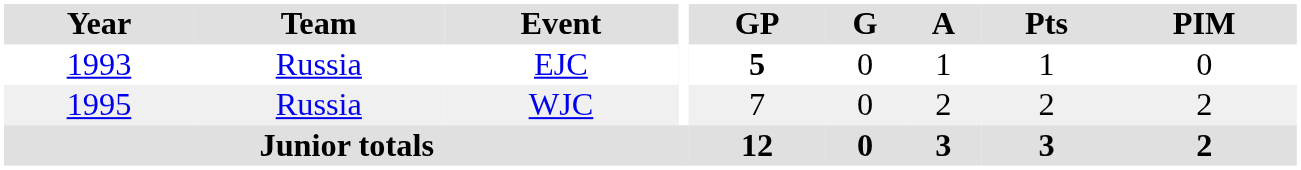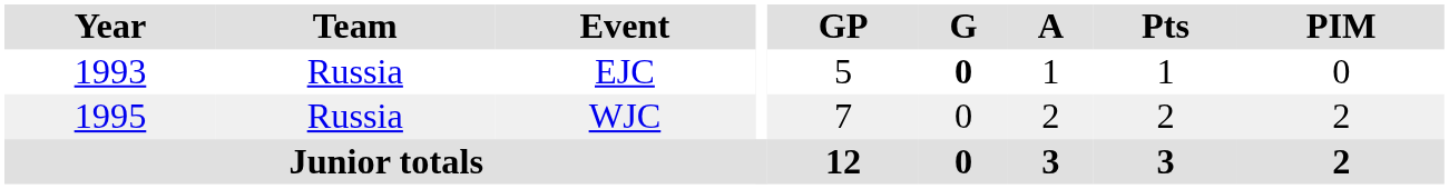 <table border="0" cellpadding="1" cellspacing="0" ID="Table3" style="text-align:center; width:40em">
 <tr bgcolor="#e0e0e0">
 <th>Year</th>
 <th>Team</th>
 <th>Event</th>
 <th rowspan="102" bgcolor="#ffffff"></th>
 <th>GP</th>
 <th>G</th>
 <th>A</th>
 <th>Pts</th>
 <th>PIM</th>
 </tr>
 <tr>
 <td><a href='#'>1993</a></td>
 <td><a href='#'>Russia</a></td>
 <td><a href='#'>EJC</a></td>
-<td><strong>5</strong></td>
-<td>0</td>
+<td>5</td>
+<td><strong>0</strong></td>
 <td>1</td>
 <td>1</td>
 <td>0</td>
 </tr>
 <tr bgcolor="f0f0f0">
 <td><a href='#'>1995</a></td>
 <td><a href='#'>Russia</a></td>
 <td><a href='#'>WJC</a></td>
 <td>7</td>
 <td>0</td>
 <td>2</td>
 <td>2</td>
 <td>2</td>
 </tr>
 <tr bgcolor="#e0e0e0">
 <th colspan="4">Junior totals</th>
 <th>12</th>
 <th>0</th>
 <th>3</th>
 <th>3</th>
 <th>2</th>
 </tr>
 </table>
